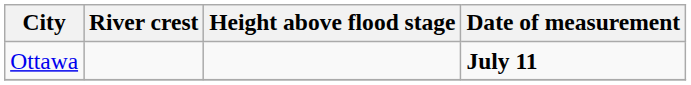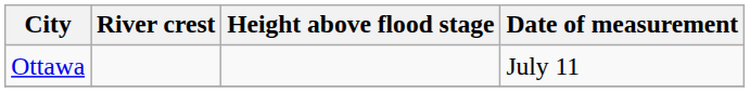 <table class="wikitable">
 <tr>
 <th>City</th>
 <th>River crest</th>
 <th>Height above flood stage</th>
 <th>Date of measurement</th>
 </tr>
 <tr>
 <td><a href='#'>Ottawa</a></td>
 <td></td>
 <td></td>
-<td><strong>July 11</strong></td>
+<td>July 11</td>
 </tr>
 <tr>
 </tr>
 </table>
